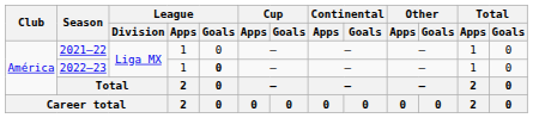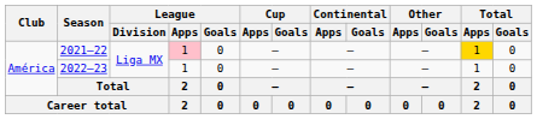 <table class="wikitable" style="text-align: center">
 <tr>
 <th rowspan="2">Club</th>
 <th rowspan="2">Season</th>
 <th colspan="3">League</th>
 <th colspan="2">Cup</th>
 <th colspan="2">Continental</th>
 <th colspan="2">Other</th>
 <th colspan="2">Total</th>
 </tr>
 <tr>
 <th>Division</th>
 <th>Apps</th>
 <th>Goals</th>
 <th>Apps</th>
 <th>Goals</th>
 <th>Apps</th>
 <th>Goals</th>
 <th>Apps</th>
 <th>Goals</th>
 <th>Apps</th>
 <th>Goals</th>
 </tr>
 <tr>
 <td rowspan=3><a href='#'>América</a></td>
 <td><a href='#'>2021–22</a></td>
 <td rowspan=2><a href='#'>Liga MX</a></td>
-<td>1</td>
+<td style="background: pink;">1</td>
 <td>0</td>
 <td colspan="2">–</td>
 <td colspan="2">–</td>
 <td colspan="2">–</td>
-<td>1</td>
+<td style="background: gold;">1</td>
 <td>0</td>
 </tr>
 <tr>
 <td><a href='#'>2022–23</a></td>
 <td>1</td>
-<td><strong>0</strong></td>
+<td>0</td>
 <td colspan="2">–</td>
 <td colspan="2">–</td>
 <td colspan="2">–</td>
 <td>1</td>
 <td>0</td>
 </tr>
 <tr>
 <th colspan="2">Total</th>
 <th>2</th>
 <th>0</th>
 <th colspan="2">–</th>
 <th colspan="2">–</th>
 <th colspan="2">–</th>
 <th>2</th>
 <th>0</th>
 </tr>
 <tr>
 <th colspan=3>Career total</th>
 <th>2</th>
 <th>0</th>
 <th>0</th>
 <th>0</th>
 <th>0</th>
 <th>0</th>
 <th>0</th>
 <th>0</th>
 <th>2</th>
 <th>0</th>
 </tr>
 </table>
